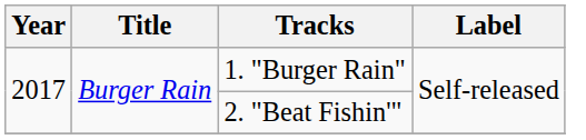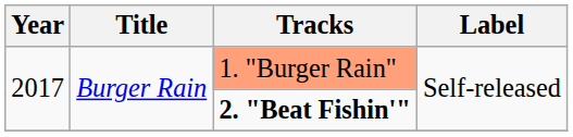 <table class="wikitable">
 <tr>
 <th><strong>Year</strong></th>
 <th><strong>Title</strong></th>
 <th><strong>Tracks</strong></th>
 <th><strong>Label</strong></th>
 </tr>
 <tr>
 <td rowspan=2>2017</td>
 <td rowspan=2><em><a href='#'>Burger Rain</a></em></td>
-<td>1. "Burger Rain"</td>
+<td style="background: lightsalmon;">1. "Burger Rain"</td>
 <td rowspan=2>Self-released</td>
 </tr>
 <tr>
-<td>2. "Beat Fishin'"</td>
+<td><strong>2. "Beat Fishin'"</strong></td>
 </tr>
 <tr>
 </tr>
 </table>
